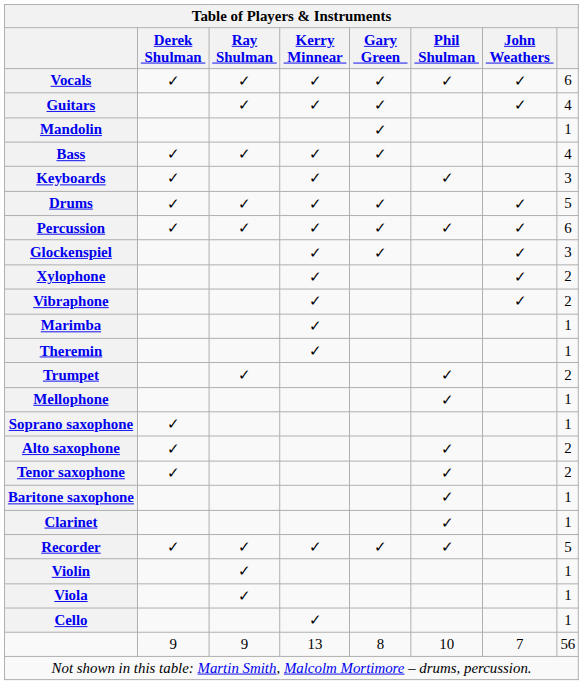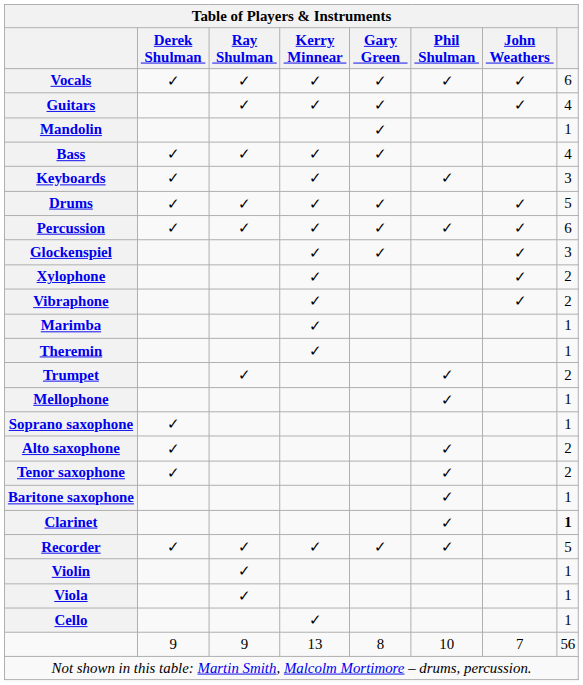 <table class="wikitable collapsible collapsed" style="text-align:center;">
 <tr>
 <th colspan="8">Table of Players & Instruments</th>
 </tr>
 <tr>
 <th></th>
 <th><a href='#'>Derek<br> Shulman </a></th>
 <th><a href='#'>Ray<br> Shulman </a></th>
 <th><a href='#'>Kerry<br> Minnear </a></th>
 <th><a href='#'>Gary<br>  Green  </a></th>
 <th><a href='#'>Phil<br> Shulman </a></th>
 <th><a href='#'>John<br> Weathers </a></th>
 <th></th>
 </tr>
 <tr>
 <th scope="row"><a href='#'>Vocals</a></th>
 <td>✓</td>
 <td>✓</td>
 <td>✓</td>
 <td>✓</td>
 <td>✓</td>
 <td>✓</td>
 <td>6</td>
 </tr>
 <tr>
 <th scope="row"><a href='#'>Guitars</a></th>
 <td></td>
 <td>✓</td>
 <td>✓</td>
 <td>✓</td>
 <td></td>
 <td>✓</td>
 <td>4</td>
 </tr>
 <tr>
 <th scope="row"><a href='#'>Mandolin</a></th>
 <td></td>
 <td></td>
 <td></td>
 <td>✓</td>
 <td></td>
 <td></td>
 <td>1</td>
 </tr>
 <tr>
 <th scope="row"><a href='#'>Bass</a></th>
 <td>✓</td>
 <td>✓</td>
 <td>✓</td>
 <td>✓</td>
 <td></td>
 <td></td>
 <td>4</td>
 </tr>
 <tr>
 <th scope="row"><a href='#'>Keyboards</a></th>
 <td>✓</td>
 <td></td>
 <td>✓</td>
 <td></td>
 <td>✓</td>
 <td></td>
 <td>3</td>
 </tr>
 <tr>
 <th scope="row"><a href='#'>Drums</a></th>
 <td>✓</td>
 <td>✓</td>
 <td>✓</td>
 <td>✓</td>
 <td></td>
 <td>✓</td>
 <td>5</td>
 </tr>
 <tr>
 <th scope="row"><a href='#'>Percussion</a></th>
 <td>✓</td>
 <td>✓</td>
 <td>✓</td>
 <td>✓</td>
 <td>✓</td>
 <td>✓</td>
 <td>6</td>
 </tr>
 <tr>
 <th scope="row"><a href='#'>Glockenspiel</a></th>
 <td></td>
 <td></td>
 <td>✓</td>
 <td>✓</td>
 <td></td>
 <td>✓</td>
 <td>3</td>
 </tr>
 <tr>
 <th scope="row"><a href='#'>Xylophone</a></th>
 <td></td>
 <td></td>
 <td>✓</td>
 <td></td>
 <td></td>
 <td>✓</td>
 <td>2</td>
 </tr>
 <tr>
 <th scope="row"><a href='#'>Vibraphone</a></th>
 <td></td>
 <td></td>
 <td>✓</td>
 <td></td>
 <td></td>
 <td>✓</td>
 <td>2</td>
 </tr>
 <tr>
 <th scope="row"><a href='#'>Marimba</a></th>
 <td></td>
 <td></td>
 <td>✓</td>
 <td></td>
 <td></td>
 <td></td>
 <td>1</td>
 </tr>
 <tr>
 <th scope="row"><a href='#'>Theremin</a></th>
 <td></td>
 <td></td>
 <td>✓</td>
 <td></td>
 <td></td>
 <td></td>
 <td>1</td>
 </tr>
 <tr>
 <th scope="row"><a href='#'>Trumpet</a></th>
 <td></td>
 <td>✓</td>
 <td></td>
 <td></td>
 <td>✓</td>
 <td></td>
 <td>2</td>
 </tr>
 <tr>
 <th scope="row"><a href='#'>Mellophone</a></th>
 <td></td>
 <td></td>
 <td></td>
 <td></td>
 <td>✓</td>
 <td></td>
 <td>1</td>
 </tr>
 <tr>
 <th scope="row"><a href='#'>Soprano saxophone</a></th>
 <td>✓</td>
 <td></td>
 <td></td>
 <td></td>
 <td></td>
 <td></td>
 <td>1</td>
 </tr>
 <tr>
 <th scope="row"><a href='#'>Alto saxophone</a></th>
 <td>✓</td>
 <td></td>
 <td></td>
 <td></td>
 <td>✓</td>
 <td></td>
 <td>2</td>
 </tr>
 <tr>
 <th scope="row"><a href='#'>Tenor saxophone</a></th>
 <td>✓</td>
 <td></td>
 <td></td>
 <td></td>
 <td>✓</td>
 <td></td>
 <td>2</td>
 </tr>
 <tr>
 <th scope="row"><a href='#'>Baritone saxophone</a></th>
 <td></td>
 <td></td>
 <td></td>
 <td></td>
 <td>✓</td>
 <td></td>
 <td>1</td>
 </tr>
 <tr>
 <th scope="row"><a href='#'>Clarinet</a></th>
 <td></td>
 <td></td>
 <td></td>
 <td></td>
 <td>✓</td>
 <td></td>
-<td>1</td>
+<td><strong>1</strong></td>
 </tr>
 <tr>
 <th scope="row"><a href='#'>Recorder</a></th>
 <td>✓</td>
 <td>✓</td>
 <td>✓</td>
 <td>✓</td>
 <td>✓</td>
 <td></td>
 <td>5</td>
 </tr>
 <tr>
 <th scope="row"><a href='#'>Violin</a></th>
 <td></td>
 <td>✓</td>
 <td></td>
 <td></td>
 <td></td>
 <td></td>
 <td>1</td>
 </tr>
 <tr>
 <th scope="row"><a href='#'>Viola</a></th>
 <td></td>
 <td>✓</td>
 <td></td>
 <td></td>
 <td></td>
 <td></td>
 <td>1</td>
 </tr>
 <tr>
 <th scope="row"><a href='#'>Cello</a></th>
 <td></td>
 <td></td>
 <td>✓</td>
 <td></td>
 <td></td>
 <td></td>
 <td>1</td>
 </tr>
 <tr>
 <td></td>
 <td>9</td>
 <td>9</td>
 <td>13</td>
 <td>8</td>
 <td>10</td>
 <td>7</td>
 <td>56</td>
 </tr>
 <tr>
 <td colspan="8"><em>Not shown in this table: <a href='#'>Martin Smith</a>, <a href='#'>Malcolm Mortimore</a> – drums, percussion.</em></td>
 </tr>
 </table>
